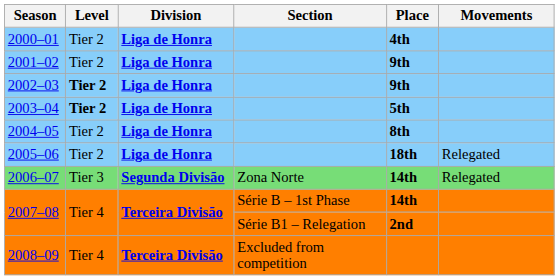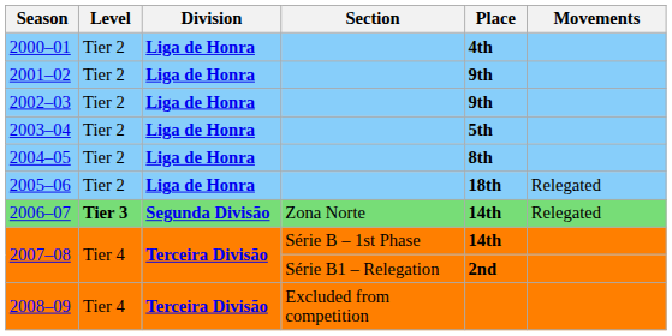 <table class="wikitable" style="text-align: left;">
 <tr>
 <th style="width: 60px;"><strong>Season</strong></th>
 <th style="width: 50px;"><strong>Level</strong></th>
 <th style="width: 120px;"><strong>Division</strong></th>
 <th style="width: 160px;"><strong>Section</strong></th>
 <th style="width: 50px;"><strong>Place</strong></th>
 <th style="width: 120px;"><strong>Movements</strong></th>
 </tr>
 <tr>
 <td style="background:#87CEFA;"><a href='#'>2000–01</a></td>
 <td style="background:#87CEFA;">Tier 2</td>
 <td style="background:#87CEFA;"><strong><a href='#'>Liga de Honra</a></strong></td>
 <td style="background:#87CEFA;"></td>
 <td style="background:#87CEFA;"><strong>4th</strong></td>
 <td style="background:#87CEFA;"></td>
 </tr>
 <tr>
 <td style="background:#87CEFA;"><a href='#'>2001–02</a></td>
 <td style="background:#87CEFA;">Tier 2</td>
 <td style="background:#87CEFA;"><strong><a href='#'>Liga de Honra</a></strong></td>
 <td style="background:#87CEFA;"></td>
 <td style="background:#87CEFA;"><strong>9th</strong></td>
 <td style="background:#87CEFA;"></td>
 </tr>
 <tr>
 <td style="background:#87CEFA;"><a href='#'>2002–03</a></td>
-<td style="background:#87CEFA;"><strong>Tier 2</strong></td>
+<td style="background:#87CEFA;">Tier 2</td>
 <td style="background:#87CEFA;"><strong><a href='#'>Liga de Honra</a></strong></td>
 <td style="background:#87CEFA;"></td>
 <td style="background:#87CEFA;"><strong>9th</strong></td>
 <td style="background:#87CEFA;"></td>
 </tr>
 <tr>
 <td style="background:#87CEFA;"><a href='#'>2003–04</a></td>
-<td style="background:#87CEFA;"><strong>Tier 2</strong></td>
+<td style="background:#87CEFA;">Tier 2</td>
 <td style="background:#87CEFA;"><strong><a href='#'>Liga de Honra</a></strong></td>
 <td style="background:#87CEFA;"></td>
 <td style="background:#87CEFA;"><strong>5th</strong></td>
 <td style="background:#87CEFA;"></td>
 </tr>
 <tr>
 <td style="background:#87CEFA;"><a href='#'>2004–05</a></td>
 <td style="background:#87CEFA;">Tier 2</td>
 <td style="background:#87CEFA;"><strong><a href='#'>Liga de Honra</a></strong></td>
 <td style="background:#87CEFA;"></td>
 <td style="background:#87CEFA;"><strong>8th</strong></td>
 <td style="background:#87CEFA;"></td>
 </tr>
 <tr>
 <td style="background:#87CEFA;"><a href='#'>2005–06</a></td>
 <td style="background:#87CEFA;">Tier 2</td>
 <td style="background:#87CEFA;"><strong><a href='#'>Liga de Honra</a></strong></td>
 <td style="background:#87CEFA;"></td>
 <td style="background:#87CEFA;"><strong>18th</strong></td>
 <td style="background:#87CEFA;">Relegated</td>
 </tr>
 <tr>
 <td style="background:#77DD77;"><a href='#'>2006–07</a></td>
-<td style="background:#77DD77;">Tier 3</td>
+<td style="background:#77DD77;"><strong>Tier 3</strong></td>
 <td style="background:#77DD77;"><strong><a href='#'>Segunda Divisão</a></strong></td>
 <td style="background:#77DD77;">Zona Norte</td>
 <td style="background:#77DD77;"><strong>14th</strong></td>
 <td style="background:#77DD77;">Relegated</td>
 </tr>
 <tr>
 <td rowspan=2 style="background:#FF7F00;"><a href='#'>2007–08</a></td>
 <td rowspan=2 style="background:#FF7F00;">Tier 4</td>
 <td rowspan=2 style="background:#FF7F00;"><strong><a href='#'>Terceira Divisão</a></strong></td>
 <td style="background:#FF7F00;">Série B – 1st Phase</td>
 <td style="background:#FF7F00;"><strong>14th</strong></td>
 <td style="background:#FF7F00;"></td>
 </tr>
 <tr>
 <td style="background:#FF7F00;">Série B1 – Relegation</td>
 <td style="background:#FF7F00;"><strong>2nd</strong></td>
 <td style="background:#FF7F00;"></td>
 </tr>
 <tr>
 <td style="background:#FF7F00;"><a href='#'>2008–09</a></td>
 <td style="background:#FF7F00;">Tier 4</td>
 <td style="background:#FF7F00;"><strong><a href='#'>Terceira Divisão</a></strong></td>
 <td style="background:#FF7F00;">Excluded from competition</td>
 <td style="background:#FF7F00;"></td>
 <td style="background:#FF7F00;"></td>
 </tr>
 </table>
